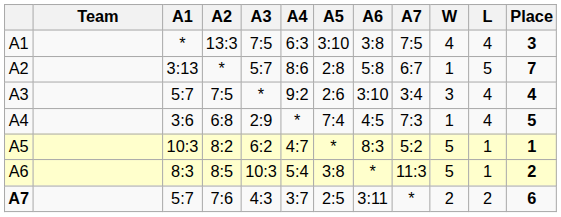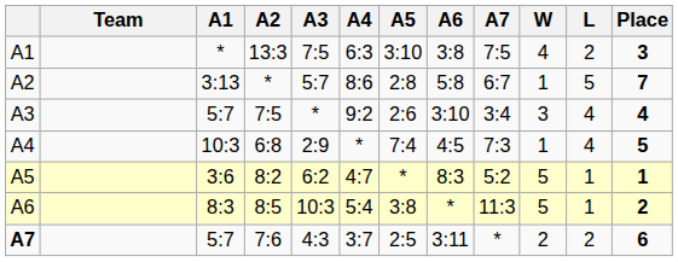 <table class="wikitable" style="text-align:center;">
 <tr>
 <th></th>
 <th width="120">Team</th>
 <th width="25">A1</th>
 <th width="25">A2</th>
 <th width="25">A3</th>
 <th width="25">A4</th>
 <th width="25">A5</th>
 <th width="25">A6</th>
 <th width="25">A7</th>
 <th width="30">W</th>
 <th width="30">L</th>
 <th>Place</th>
 </tr>
 <tr>
 <td>A1</td>
 <td align=left></td>
 <td>*</td>
 <td>13:3</td>
 <td>7:5</td>
 <td>6:3</td>
 <td>3:10</td>
 <td>3:8</td>
 <td>7:5</td>
 <td>4</td>
-<td>4</td>
+<td>2</td>
 <td><strong>3</strong></td>
 </tr>
 <tr>
 <td>A2</td>
 <td align=left></td>
 <td>3:13</td>
 <td>*</td>
 <td>5:7</td>
 <td>8:6</td>
 <td>2:8</td>
 <td>5:8</td>
 <td>6:7</td>
 <td>1</td>
 <td>5</td>
 <td><strong>7</strong></td>
 </tr>
 <tr>
 <td>A3</td>
 <td align=left></td>
 <td>5:7</td>
 <td>7:5</td>
 <td>*</td>
 <td>9:2</td>
 <td>2:6</td>
 <td>3:10</td>
 <td>3:4</td>
 <td>3</td>
 <td>4</td>
 <td><strong>4</strong></td>
 </tr>
 <tr>
 <td>A4</td>
 <td align=left></td>
-<td>3:6</td>
+<td>10:3</td>
 <td>6:8</td>
 <td>2:9</td>
 <td>*</td>
 <td>7:4</td>
 <td>4:5</td>
 <td>7:3</td>
 <td>1</td>
 <td>4</td>
 <td><strong>5</strong></td>
 </tr>
 <tr bgcolor=#ffffcc>
 <td>A5</td>
 <td align=left></td>
-<td>10:3</td>
+<td>3:6</td>
 <td>8:2</td>
 <td>6:2</td>
 <td>4:7</td>
 <td>*</td>
 <td>8:3</td>
 <td>5:2</td>
 <td>5</td>
 <td>1</td>
 <td><strong>1</strong></td>
 </tr>
 <tr bgcolor=#ffffcc>
 <td>A6</td>
 <td align=left></td>
 <td>8:3</td>
 <td>8:5</td>
 <td>10:3</td>
 <td>5:4</td>
 <td>3:8</td>
 <td>*</td>
 <td>11:3</td>
 <td>5</td>
 <td>1</td>
 <td><strong>2</strong></td>
 </tr>
 <tr>
 <td><strong>A7</strong></td>
 <td align=left></td>
 <td>5:7</td>
 <td>7:6</td>
 <td>4:3</td>
 <td>3:7</td>
 <td>2:5</td>
 <td>3:11</td>
 <td>*</td>
 <td>2</td>
 <td>2</td>
 <td><strong>6</strong></td>
 </tr>
 </table>
